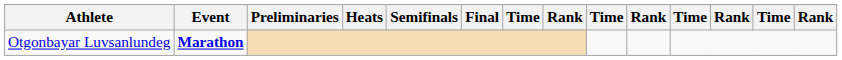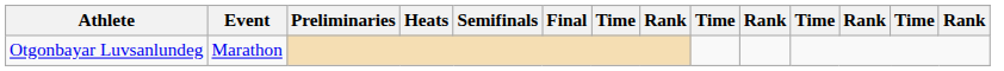 <table class=wikitable style="font-size:90%;">
 <tr>
 <th rowspan="2">Athlete</th>
 <th rowspan="2">Event</th>
 <th rowspan="2">Preliminaries</th>
 <th rowspan="2">Heats</th>
 <th rowspan="2">Semifinals</th>
 <th rowspan="2">Final</th>
 </tr>
 <tr>
 <th>Time</th>
 <th>Rank</th>
 <th>Time</th>
 <th>Rank</th>
 <th>Time</th>
 <th>Rank</th>
 <th>Time</th>
 <th>Rank</th>
 </tr>
 <tr>
 <td><a href='#'>Otgonbayar Luvsanlundeg</a></td>
-<td><strong><a href='#'>Marathon</a></strong></td>
+<td><a href='#'>Marathon</a></td>
 <td colspan= 6 bgcolor="wheat"></td>
 <td align=center></td>
 <td align=center></td>
 </tr>
 </table>
